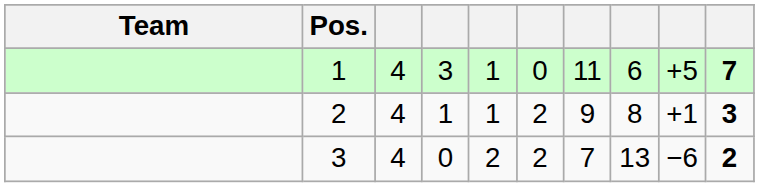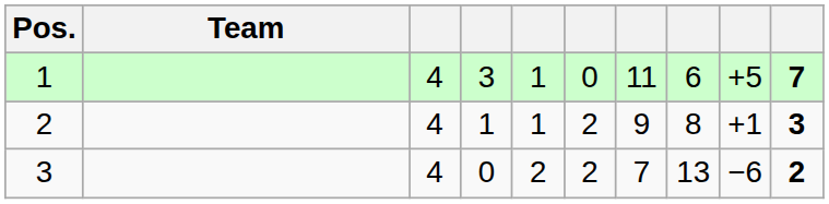 <table class="wikitable" style="text-align:center">
 <tr>
+<th width=30>Pos.</th>
 <th width=165>Team</th>
-<th width=30>Pos.</th>
 <th width=20></th>
 <th width=20></th>
 <th width=20></th>
 <th width=20></th>
 <th width=20></th>
 <th width=20></th>
 <th width=20></th>
 <th width=20></th>
 </tr>
 <tr style="background:#cfc">
+<td>1</td>
 <td style="text-align:left"></td>
-<td>1</td>
 <td>4</td>
 <td>3</td>
 <td>1</td>
 <td>0</td>
 <td>11</td>
 <td>6</td>
 <td>+5</td>
 <td><strong>7</strong></td>
 </tr>
 <tr>
+<td>2</td>
 <td style="text-align:left"></td>
-<td>2</td>
 <td>4</td>
 <td>1</td>
 <td>1</td>
 <td>2</td>
 <td>9</td>
 <td>8</td>
 <td>+1</td>
 <td><strong>3</strong></td>
 </tr>
 <tr>
+<td>3</td>
 <td style="text-align:left"></td>
-<td>3</td>
 <td>4</td>
 <td>0</td>
 <td>2</td>
 <td>2</td>
 <td>7</td>
 <td>13</td>
 <td>−6</td>
 <td><strong>2</strong></td>
 </tr>
 </table>
